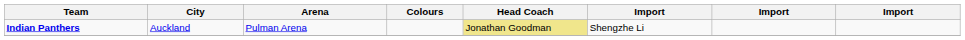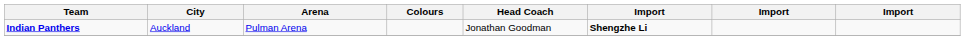 <table class="wikitable" style="width:99%; text-align:left">
 <tr>
 <th style="width:15%">Team</th>
 <th style="width:10%">City</th>
 <th style="width:15%">Arena</th>
 <th style="width:8%">Colours</th>
 <th style="width:13%">Head Coach</th>
 <th style="width:13%">Import</th>
 <th style="width:13%">Import</th>
 <th style="width:13%">Import</th>
 </tr>
 <tr>
 <td><strong><a href='#'>Indian Panthers</a></strong></td>
 <td><a href='#'>Auckland</a></td>
 <td><a href='#'>Pulman Arena</a></td>
 <td>  </td>
-<td style="background: khaki;"> Jonathan Goodman</td>
-<td> Shengzhe Li</td>
+<td> Jonathan Goodman</td>
+<td><strong> Shengzhe Li</strong></td>
 <td></td>
 <td></td>
 </tr>
 <tr>
 </tr>
 </table>
